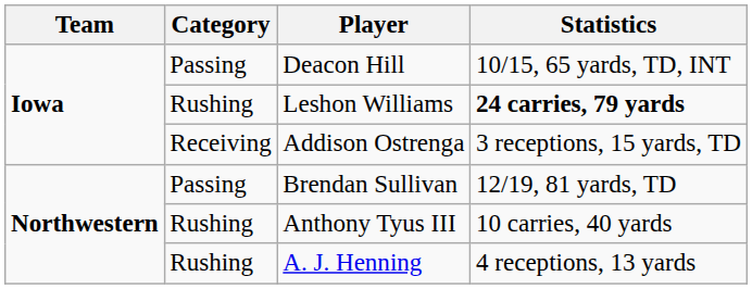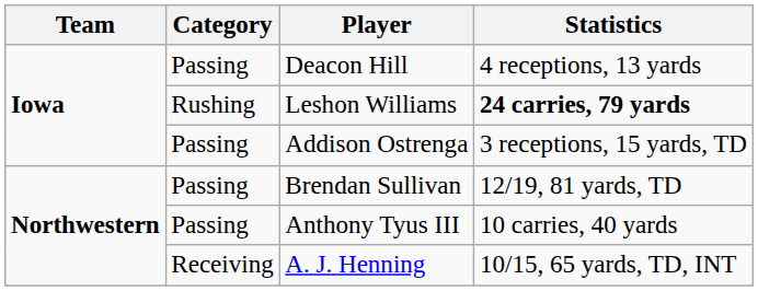 <table class="wikitable" style="float: left;">
 <tr>
 <th>Team</th>
 <th>Category</th>
 <th>Player</th>
 <th>Statistics</th>
 </tr>
 <tr>
 <td rowspan=3><strong>Iowa</strong></td>
 <td>Passing</td>
 <td>Deacon Hill</td>
-<td>10/15, 65 yards, TD, INT</td>
+<td>4 receptions, 13 yards</td>
 </tr>
 <tr>
 <td>Rushing</td>
 <td>Leshon Williams</td>
 <td><strong>24 carries, 79 yards</strong></td>
 </tr>
 <tr>
-<td>Receiving</td>
+<td>Passing</td>
 <td>Addison Ostrenga</td>
 <td>3 receptions, 15 yards, TD</td>
 </tr>
 <tr>
 <td rowspan=3><strong>Northwestern</strong></td>
 <td>Passing</td>
 <td>Brendan Sullivan</td>
 <td>12/19, 81 yards, TD</td>
 </tr>
 <tr>
-<td>Rushing</td>
+<td>Passing</td>
 <td>Anthony Tyus III</td>
 <td>10 carries, 40 yards</td>
 </tr>
 <tr>
-<td>Rushing</td>
+<td>Receiving</td>
 <td><a href='#'>A. J. Henning</a></td>
-<td>4 receptions, 13 yards</td>
+<td>10/15, 65 yards, TD, INT</td>
 </tr>
 </table>
